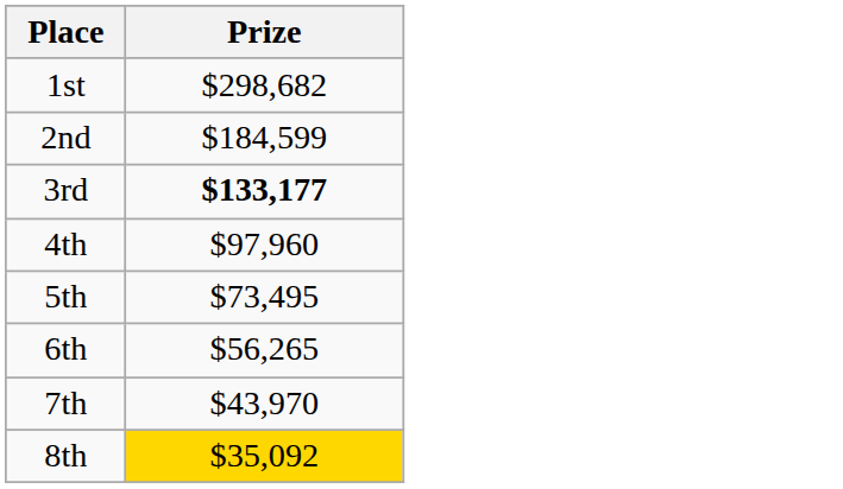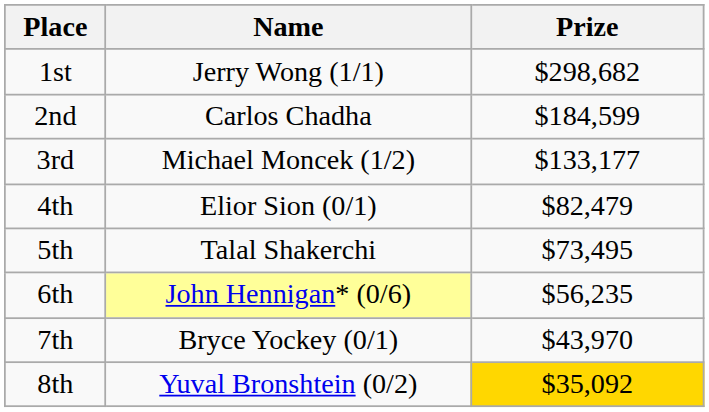 <table class="wikitable">
 <tr>
 <th width="50">Place</th>
+<th width="200">Name</th>
 <th width="125">Prize</th>
 </tr>
 <tr>
 <td align = "center">1st</td>
+<td align = "center"> Jerry Wong (1/1)</td>
 <td align = "center">$298,682</td>
 </tr>
 <tr>
 <td align = "center">2nd</td>
+<td align = "center"> Carlos Chadha</td>
 <td align = "center">$184,599</td>
 </tr>
 <tr>
 <td align = "center">3rd</td>
-<td align = "center"><strong>$133,177</strong></td>
+<td align = "center"> Michael Moncek (1/2)</td>
+<td align = "center">$133,177</td>
 </tr>
 <tr>
 <td align = "center">4th</td>
-<td align = "center">$97,960</td>
+<td align = "center"> Elior Sion (0/1)</td>
+<td align = "center">$82,479</td>
 </tr>
 <tr>
 <td align = "center">5th</td>
+<td align = "center"> Talal Shakerchi</td>
 <td align = "center">$73,495</td>
 </tr>
 <tr>
 <td align = "center">6th</td>
-<td align = "center">$56,265</td>
+<td align="center" style="background-color:#FFFF99;"> <a href='#'>John Hennigan</a>* (0/6)</td>
+<td align = "center">$56,235</td>
 </tr>
 <tr>
 <td align = "center">7th</td>
+<td align = "center"> Bryce Yockey (0/1)</td>
 <td align = "center">$43,970</td>
 </tr>
 <tr>
 <td align = "center">8th</td>
+<td align = "center"> <a href='#'>Yuval Bronshtein</a> (0/2)</td>
 <td align = "center" style="background: gold;">$35,092</td>
 </tr>
 </table>
